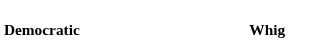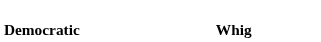 <table style="width:70%; text-align:center">
 <tr style="color:white">
 <td style="background:"><strong>98</strong></td>
+<td style="background:"><strong>142</strong></td>
 <td style="background:"><strong>2</strong></td>
-<td style="background:"><strong>142</strong></td>
 </tr>
 <tr>
 <td><span><strong>Democratic</strong></span></td>
+<td><span><strong>Whig</strong></span></td>
 <td></td>
-<td><span><strong>Whig</strong></span></td>
 </tr>
 </table>
